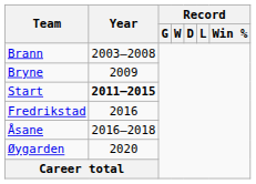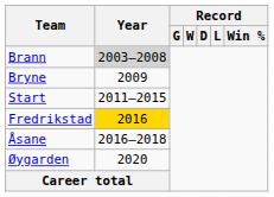 <table class="wikitable" style="text-align: center">
 <tr>
 <th rowspan="2">Team</th>
 <th rowspan="2">Year</th>
 <th colspan="5">Record</th>
 </tr>
 <tr>
 <th>G</th>
 <th>W</th>
 <th>D</th>
 <th>L</th>
 <th>Win %</th>
 </tr>
 <tr>
 <td align="left"><a href='#'>Brann</a></td>
-<td>2003–2008<br></td>
+<td style="background: lightgrey;">2003–2008<br></td>
 </tr>
 <tr>
 <td align="left"><a href='#'>Bryne</a></td>
 <td>2009<br></td>
 </tr>
 <tr>
 <td align="left"><a href='#'>Start</a></td>
-<td><strong>2011–2015<br></strong></td>
+<td>2011–2015<br></td>
 </tr>
 <tr>
 <td align="left"><a href='#'>Fredrikstad</a></td>
-<td>2016<br></td>
+<td style="background: gold;">2016<br></td>
 </tr>
 <tr>
 <td align="left"><a href='#'>Åsane</a></td>
 <td>2016–2018<br></td>
 </tr>
 <tr>
 <td align="left"><a href='#'>Øygarden</a></td>
 <td>2020<br></td>
 </tr>
 <tr>
 <th colspan="2">Career total<br></th>
 </tr>
 </table>
